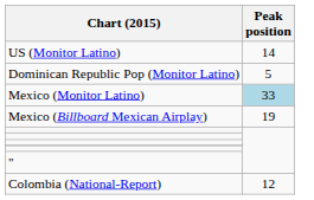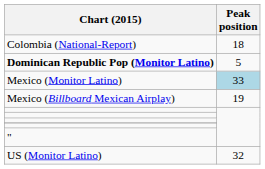 <table class="wikitable sortable">
 <tr>
 <th>Chart (2015)</th>
 <th>Peak<br>position</th>
 </tr>
 <tr>
-<td>US (<a href='#'>Monitor Latino</a>)</td>
-<td align="center">14</td>
+<td>Colombia (<a href='#'>National-Report</a>)</td>
+<td align="center">18</td>
 </tr>
 <tr>
-<td>Dominican Republic Pop (<a href='#'>Monitor Latino</a>)</td>
+<td><strong>Dominican Republic Pop (<a href='#'>Monitor Latino</a>)</strong></td>
 <td align="center">5</td>
 </tr>
 <tr>
 <td>Mexico (<a href='#'>Monitor Latino</a>)</td>
 <td align="center" style="background: lightblue;">33</td>
 </tr>
 <tr>
 <td>Mexico (<a href='#'><em>Billboard</em> Mexican Airplay</a>)</td>
 <td align="center">19</td>
 </tr>
 <tr>
 <td></td>
 </tr>
 <tr>
 <td></td>
 </tr>
 <tr>
 <td></td>
 </tr>
 <tr>
 </tr>
 <tr>
 <td></td>
 </tr>
 <tr>
 <td>"</td>
 </tr>
 <tr>
-<td>Colombia (<a href='#'>National-Report</a>)</td>
-<td align="center">12</td>
+<td>US (<a href='#'>Monitor Latino</a>)</td>
+<td align="center">32</td>
 </tr>
 </table>
